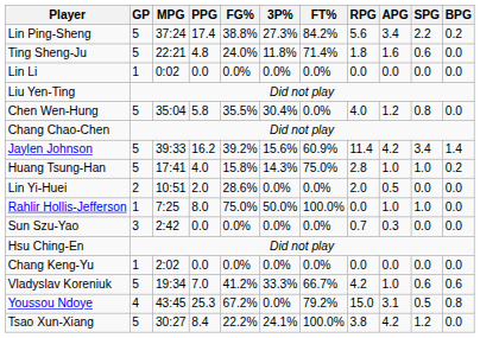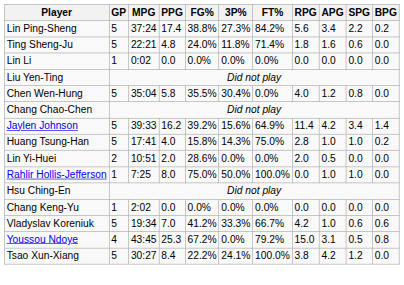 <table class="wikitable">
 <tr>
 <th>Player</th>
 <th>GP</th>
 <th>MPG</th>
 <th>PPG</th>
 <th>FG%</th>
 <th>3P%</th>
 <th>FT%</th>
 <th>RPG</th>
 <th>APG</th>
 <th>SPG</th>
 <th>BPG</th>
 </tr>
 <tr>
 <td>Lin Ping-Sheng</td>
 <td>5</td>
 <td>37:24</td>
 <td>17.4</td>
 <td>38.8%</td>
 <td>27.3%</td>
 <td>84.2%</td>
 <td>5.6</td>
 <td>3.4</td>
 <td>2.2</td>
 <td>0.2</td>
 </tr>
 <tr>
 <td>Ting Sheng-Ju</td>
 <td>5</td>
 <td>22:21</td>
 <td>4.8</td>
 <td>24.0%</td>
 <td>11.8%</td>
 <td>71.4%</td>
 <td>1.8</td>
 <td>1.6</td>
 <td>0.6</td>
 <td>0.0</td>
 </tr>
 <tr>
 <td>Lin Li</td>
 <td>1</td>
 <td>0:02</td>
 <td>0.0</td>
 <td>0.0%</td>
 <td>0.0%</td>
 <td>0.0%</td>
 <td>0.0</td>
 <td>0.0</td>
 <td>0.0</td>
 <td>0.0</td>
 </tr>
 <tr>
 <td>Liu Yen-Ting</td>
 <td colspan=10 align=center><em>Did not play</em></td>
 </tr>
 <tr>
 <td>Chen Wen-Hung</td>
 <td>5</td>
 <td>35:04</td>
 <td>5.8</td>
 <td>35.5%</td>
 <td>30.4%</td>
 <td>0.0%</td>
 <td>4.0</td>
 <td>1.2</td>
 <td>0.8</td>
 <td>0.0</td>
 </tr>
 <tr>
 <td>Chang Chao-Chen</td>
 <td colspan=10 align=center><em>Did not play</em></td>
 </tr>
 <tr>
 <td><a href='#'>Jaylen Johnson</a></td>
 <td>5</td>
 <td>39:33</td>
 <td>16.2</td>
 <td>39.2%</td>
 <td>15.6%</td>
-<td>60.9%</td>
+<td>64.9%</td>
 <td>11.4</td>
 <td>4.2</td>
 <td>3.4</td>
 <td>1.4</td>
 </tr>
 <tr>
 <td>Huang Tsung-Han</td>
 <td>5</td>
 <td>17:41</td>
 <td>4.0</td>
 <td>15.8%</td>
 <td>14.3%</td>
 <td>75.0%</td>
 <td>2.8</td>
 <td>1.0</td>
 <td>1.0</td>
 <td>0.2</td>
 </tr>
 <tr>
 <td>Lin Yi-Huei</td>
 <td>2</td>
 <td>10:51</td>
 <td>2.0</td>
 <td>28.6%</td>
 <td>0.0%</td>
 <td>0.0%</td>
 <td>2.0</td>
 <td>0.5</td>
 <td>0.0</td>
 <td>0.0</td>
 </tr>
 <tr>
 <td><a href='#'>Rahlir Hollis-Jefferson</a></td>
 <td>1</td>
 <td>7:25</td>
 <td>8.0</td>
 <td>75.0%</td>
 <td>50.0%</td>
 <td>100.0%</td>
 <td>0.0</td>
 <td>1.0</td>
 <td>1.0</td>
-<td>0.0</td>
-</tr>
-<tr>
-<td>Sun Szu-Yao</td>
-<td>3</td>
-<td>2:42</td>
-<td>0.0</td>
-<td>0.0%</td>
-<td>0.0%</td>
-<td>0.0%</td>
-<td>0.7</td>
-<td>0.3</td>
-<td>0.0</td>
 <td>0.0</td>
 </tr>
 <tr>
 <td>Hsu Ching-En</td>
 <td colspan=10 align=center><em>Did not play</em></td>
 </tr>
 <tr>
 <td>Chang Keng-Yu</td>
 <td>1</td>
 <td>2:02</td>
 <td>0.0</td>
 <td>0.0%</td>
 <td>0.0%</td>
 <td>0.0%</td>
 <td>0.0</td>
 <td>0.0</td>
 <td>0.0</td>
 <td>0.0</td>
 </tr>
 <tr>
 <td>Vladyslav Koreniuk</td>
 <td>5</td>
 <td>19:34</td>
 <td>7.0</td>
 <td>41.2%</td>
 <td>33.3%</td>
 <td>66.7%</td>
 <td>4.2</td>
 <td>1.0</td>
 <td>0.6</td>
 <td>0.6</td>
 </tr>
 <tr>
 <td><a href='#'>Youssou Ndoye</a></td>
 <td>4</td>
 <td>43:45</td>
 <td>25.3</td>
 <td>67.2%</td>
 <td>0.0%</td>
 <td>79.2%</td>
 <td>15.0</td>
 <td>3.1</td>
 <td>0.5</td>
 <td>0.8</td>
 </tr>
 <tr>
 <td>Tsao Xun-Xiang</td>
 <td>5</td>
 <td>30:27</td>
 <td>8.4</td>
 <td>22.2%</td>
 <td>24.1%</td>
 <td>100.0%</td>
 <td>3.8</td>
 <td>4.2</td>
 <td>1.2</td>
 <td>0.0</td>
 </tr>
 </table>
